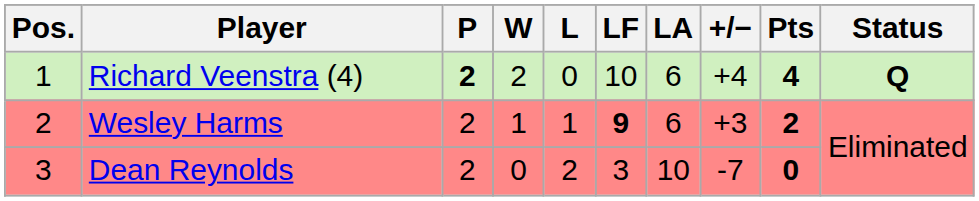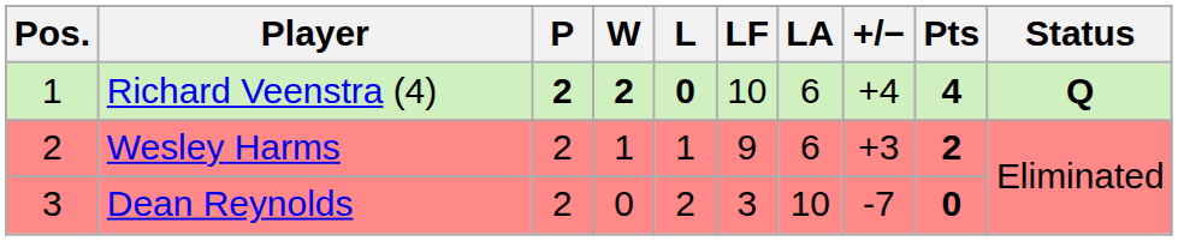 <table class="wikitable" style="text-align:center; margin: 1em auto 1em auto, align:left">
 <tr>
 <th width=20>Pos.</th>
 <th width=185>Player</th>
 <th width=20>P</th>
 <th width=20>W</th>
 <th width=20>L</th>
 <th width=20>LF</th>
 <th width=20>LA</th>
 <th width=25>+/−</th>
 <th width=20>Pts</th>
 <th width=70>Status</th>
 </tr>
 <tr style="background:#D0F0C0;">
 <td>1</td>
 <td align=left> <a href='#'>Richard Veenstra</a> (4)</td>
 <td><strong>2</strong></td>
-<td>2</td>
-<td>0</td>
+<td><strong>2</strong></td>
+<td><strong>0</strong></td>
 <td>10</td>
 <td>6</td>
 <td>+4</td>
 <td><strong>4</strong></td>
 <td rowspan=1><strong>Q</strong></td>
 </tr>
 <tr style="background:#FF8888;">
 <td>2</td>
 <td align=left> <a href='#'>Wesley Harms</a></td>
 <td>2</td>
 <td>1</td>
 <td>1</td>
-<td><strong>9</strong></td>
+<td>9</td>
 <td>6</td>
 <td>+3</td>
 <td><strong>2</strong></td>
 <td rowspan=2>Eliminated</td>
 </tr>
 <tr style="background:#FF8888;">
 <td>3</td>
 <td align=left> <a href='#'>Dean Reynolds</a></td>
 <td>2</td>
 <td>0</td>
 <td>2</td>
 <td>3</td>
 <td>10</td>
 <td>-7</td>
 <td><strong>0</strong></td>
 </tr>
 </table>
